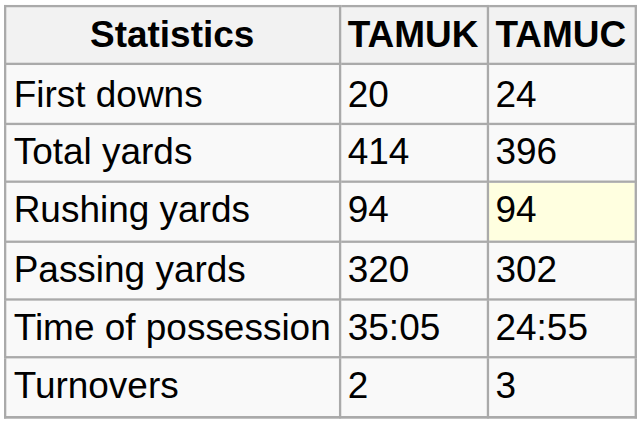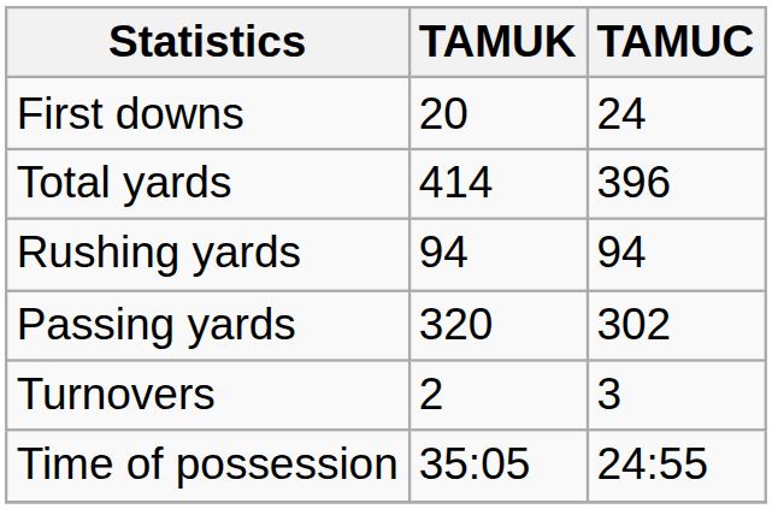 <table class="wikitable" style="float: left;">
 <tr>
 <th>Statistics</th>
 <th>TAMUK</th>
 <th>TAMUC</th>
 </tr>
 <tr>
 <td>First downs</td>
 <td>20</td>
 <td>24</td>
 </tr>
 <tr>
 <td>Total yards</td>
 <td>414</td>
 <td>396</td>
 </tr>
 <tr>
 <td>Rushing yards</td>
 <td>94</td>
-<td style="background: lightyellow;">94</td>
+<td>94</td>
 </tr>
 <tr>
 <td>Passing yards</td>
 <td>320</td>
 <td>302</td>
 </tr>
 <tr>
+<td>Turnovers</td>
+<td>2</td>
+<td>3</td>
+</tr>
+<tr>
 <td>Time of possession</td>
 <td>35:05</td>
 <td>24:55</td>
 </tr>
 <tr>
-<td>Turnovers</td>
-<td>2</td>
-<td>3</td>
-</tr>
-<tr>
 </tr>
 </table>
